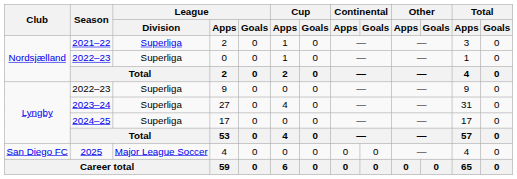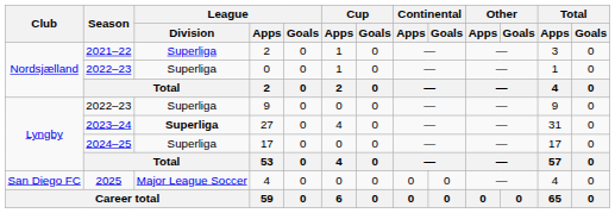 <table class="wikitable" style="text-align:center">
 <tr>
 <th rowspan="2">Club</th>
 <th rowspan="2">Season</th>
 <th colspan="3">League</th>
 <th colspan="2">Cup</th>
 <th colspan="2">Continental</th>
 <th colspan="2">Other</th>
 <th colspan="2">Total</th>
 </tr>
 <tr>
 <th>Division</th>
 <th>Apps</th>
 <th>Goals</th>
 <th>Apps</th>
 <th>Goals</th>
 <th>Apps</th>
 <th>Goals</th>
 <th>Apps</th>
 <th>Goals</th>
 <th>Apps</th>
 <th>Goals</th>
 </tr>
 <tr>
 <td rowspan="3"><a href='#'>Nordsjælland</a></td>
 <td><a href='#'>2021–22</a></td>
 <td><a href='#'>Superliga</a></td>
 <td>2</td>
 <td>0</td>
 <td>1</td>
 <td>0</td>
 <td colspan="2">—</td>
 <td colspan="2">—</td>
 <td>3</td>
 <td>0</td>
 </tr>
 <tr>
 <td><a href='#'>2022–23</a></td>
 <td>Superliga</td>
 <td>0</td>
 <td>0</td>
 <td>1</td>
 <td>0</td>
 <td colspan="2">—</td>
 <td colspan="2">—</td>
 <td>1</td>
 <td>0</td>
 </tr>
 <tr>
 <th colspan="2">Total</th>
 <th>2</th>
 <th>0</th>
 <th>2</th>
 <th>0</th>
 <th colspan="2">—</th>
 <th colspan="2">—</th>
 <th>4</th>
 <th>0</th>
 </tr>
 <tr>
 <td rowspan="4"><a href='#'>Lyngby</a></td>
 <td>2022–23</td>
 <td>Superliga</td>
 <td>9</td>
 <td>0</td>
 <td>0</td>
 <td>0</td>
 <td colspan="2">—</td>
 <td colspan="2">—</td>
 <td>9</td>
 <td>0</td>
 </tr>
 <tr>
 <td><a href='#'>2023–24</a></td>
-<td>Superliga</td>
+<td><strong>Superliga</strong></td>
 <td>27</td>
 <td>0</td>
 <td>4</td>
 <td>0</td>
 <td colspan="2">—</td>
 <td colspan="2">—</td>
 <td>31</td>
 <td>0</td>
 </tr>
 <tr>
 <td><a href='#'>2024–25</a></td>
 <td>Superliga</td>
 <td>17</td>
 <td>0</td>
 <td>0</td>
 <td>0</td>
 <td colspan="2">—</td>
 <td colspan="2">—</td>
 <td>17</td>
 <td>0</td>
 </tr>
 <tr>
 <th colspan="2">Total</th>
 <th>53</th>
 <th>0</th>
 <th>4</th>
 <th>0</th>
 <th colspan="2">—</th>
 <th colspan="2">—</th>
 <th>57</th>
 <th>0</th>
 </tr>
 <tr>
 <td><a href='#'>San Diego FC</a></td>
 <td><a href='#'>2025</a></td>
 <td><a href='#'>Major League Soccer</a></td>
 <td>4</td>
 <td>0</td>
 <td>0</td>
 <td>0</td>
 <td>0</td>
 <td>0</td>
 <td colspan="2">—</td>
 <td>4</td>
 <td>0</td>
 </tr>
 <tr>
 <th colspan="3">Career total</th>
 <th>59</th>
 <th>0</th>
 <th>6</th>
 <th>0</th>
 <th>0</th>
 <th>0</th>
 <th>0</th>
 <th>0</th>
 <th>65</th>
 <th>0</th>
 </tr>
 </table>
